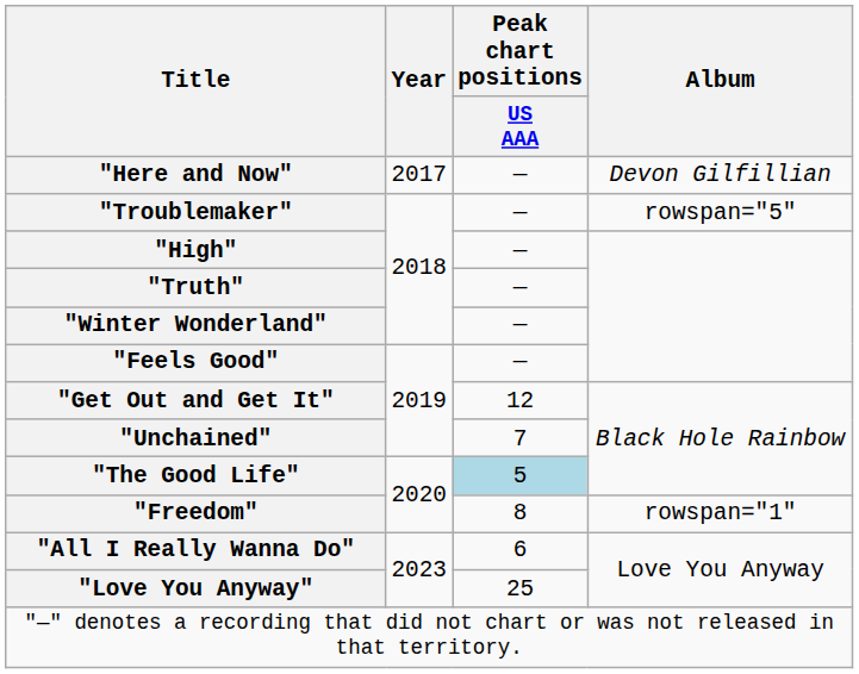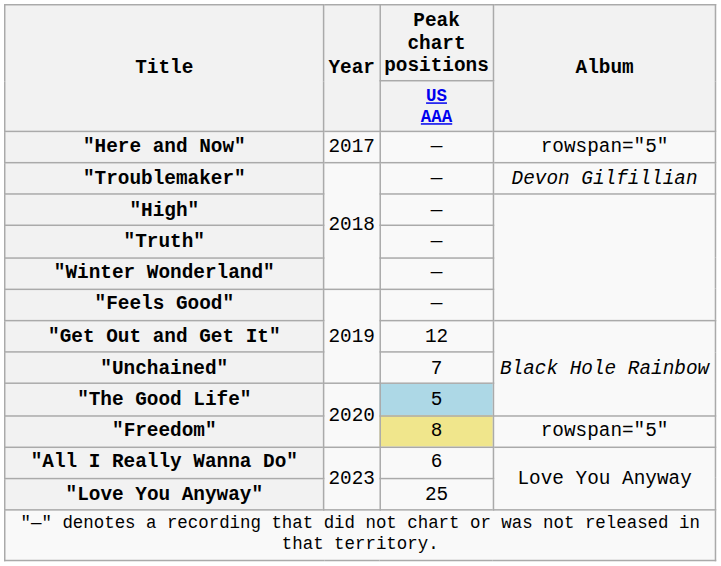 <table class="wikitable plainrowheaders" style="text-align:center;" border="1">
 <tr>
 <th scope="col" rowspan="2" style="width:16em;">Title</th>
 <th scope="col" rowspan="2" style="width:1em;">Year</th>
 <th scope="col" colspan="1">Peak chart positions</th>
 <th scope="col" rowspan="2" style="width:11em;">Album</th>
 </tr>
 <tr>
 <th scope="col" style="width:3em;font-size:90%;"><a href='#'>US<br>AAA</a><br></th>
 </tr>
 <tr>
 <th scope="row">"Here and Now"</th>
 <td rowspan="1">2017</td>
 <td>—</td>
-<td><em>Devon Gilfillian</em></td>
+<td>rowspan="5" </td>
 </tr>
 <tr>
 <th scope="row">"Troublemaker"</th>
 <td rowspan="4">2018</td>
 <td>—</td>
-<td>rowspan="5" </td>
+<td><em>Devon Gilfillian</em></td>
 </tr>
 <tr>
 <th scope="row">"High"</th>
 <td>—</td>
 </tr>
 <tr>
 <th scope="row">"Truth"<br></th>
 <td>—</td>
 </tr>
 <tr>
 <th scope="row">"Winter Wonderland"</th>
 <td>—</td>
 </tr>
 <tr>
 <th scope="row">"Feels Good"</th>
 <td rowspan="3">2019</td>
 <td>—</td>
 </tr>
 <tr>
 <th scope="row">"Get Out and Get It"</th>
 <td>12</td>
 <td rowspan="3"><em>Black Hole Rainbow</em></td>
 </tr>
 <tr>
 <th scope="row">"Unchained"</th>
 <td>7</td>
 </tr>
 <tr>
 <th scope="row">"The Good Life"</th>
 <td rowspan="2">2020</td>
 <td style="background: lightblue;">5</td>
 </tr>
 <tr>
 <th scope="row">"Freedom" <br></th>
-<td>8</td>
-<td>rowspan="1" </td>
+<td style="background: khaki;">8</td>
+<td>rowspan="5" </td>
 </tr>
 <tr>
 <th scope="row">"All I Really Wanna Do"</th>
 <td rowspan="2">2023</td>
 <td>6</td>
 <td rowspan="2">Love You Anyway</td>
 </tr>
 <tr>
 <th scope="row">"Love You Anyway"</th>
 <td>25</td>
 </tr>
 <tr>
 <td colspan="5" style="font-size:90%">"—" denotes a recording that did not chart or was not released in that territory.</td>
 </tr>
 </table>
